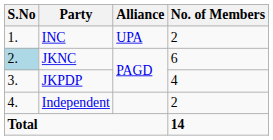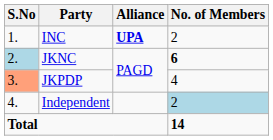 <table class="wikitable">
 <tr>
 <th>S.No</th>
 <th>Party</th>
 <th>Alliance</th>
 <th>No. of Members</th>
 </tr>
 <tr>
 <td>1.</td>
 <td><a href='#'>INC</a></td>
-<td><a href='#'>UPA</a></td>
+<td><strong><a href='#'>UPA</a></strong></td>
 <td>2</td>
 </tr>
 <tr>
 <td style="background: lightblue;">2.</td>
 <td><a href='#'>JKNC</a></td>
 <td rowspan="2"><a href='#'>PAGD</a></td>
-<td>6</td>
+<td><strong>6</strong></td>
 </tr>
 <tr>
-<td>3.</td>
+<td style="background: lightsalmon;">3.</td>
 <td><a href='#'>JKPDP</a></td>
 <td>4</td>
 </tr>
 <tr>
 <td>4.</td>
 <td><a href='#'>Independent</a></td>
 <td></td>
-<td>2</td>
+<td style="background: lightblue;">2</td>
 </tr>
 <tr>
 <td colspan="3"><strong>Total</strong></td>
 <td><strong>14</strong></td>
 </tr>
 </table>
